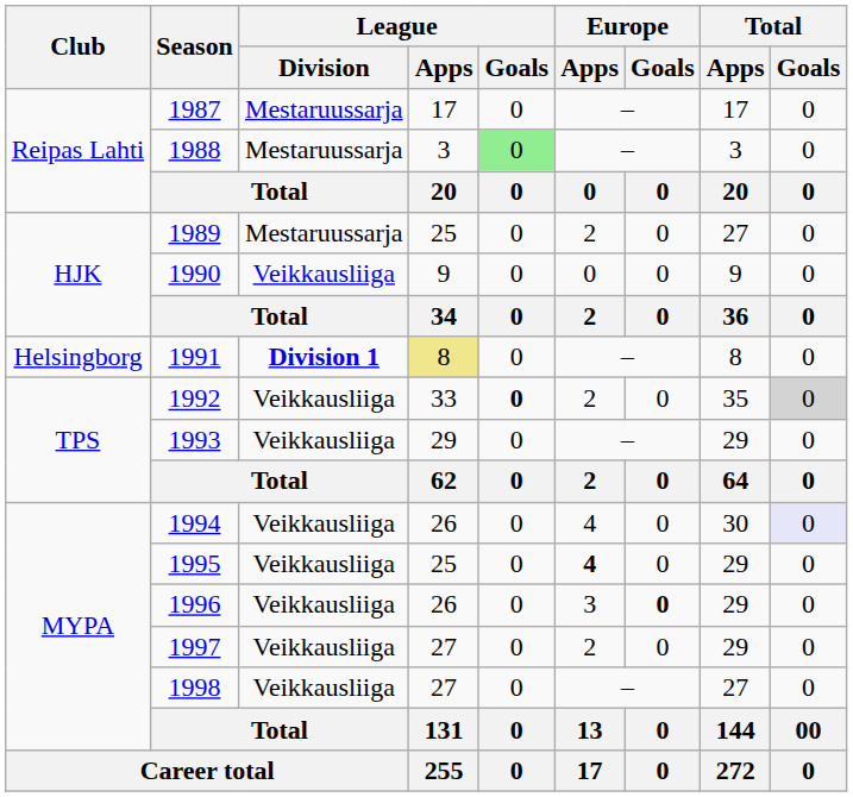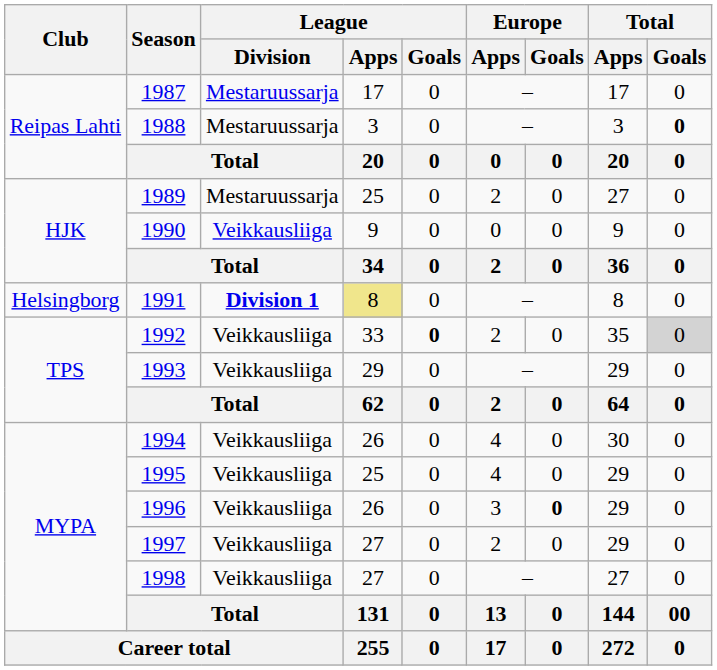 <table class="wikitable" style="text-align:center">
 <tr>
 <th rowspan="2">Club</th>
 <th rowspan="2">Season</th>
 <th colspan="3">League</th>
 <th colspan="2">Europe</th>
 <th colspan="2">Total</th>
 </tr>
 <tr>
 <th>Division</th>
 <th>Apps</th>
 <th>Goals</th>
 <th>Apps</th>
 <th>Goals</th>
 <th>Apps</th>
 <th>Goals</th>
 </tr>
 <tr>
 <td rowspan=3><a href='#'>Reipas Lahti</a></td>
 <td><a href='#'>1987</a></td>
 <td><a href='#'>Mestaruussarja</a></td>
 <td>17</td>
 <td>0</td>
 <td colspan=2>–</td>
 <td>17</td>
 <td>0</td>
 </tr>
 <tr>
 <td><a href='#'>1988</a></td>
 <td>Mestaruussarja</td>
 <td>3</td>
-<td style="background: lightgreen;">0</td>
+<td>0</td>
 <td colspan=2>–</td>
 <td>3</td>
-<td>0</td>
+<td><strong>0</strong></td>
 </tr>
 <tr>
 <th colspan=2>Total</th>
 <th>20</th>
 <th>0</th>
 <th>0</th>
 <th>0</th>
 <th>20</th>
 <th>0</th>
 </tr>
 <tr>
 <td rowspan=3><a href='#'>HJK</a></td>
 <td><a href='#'>1989</a></td>
 <td>Mestaruussarja</td>
 <td>25</td>
 <td>0</td>
 <td>2</td>
 <td>0</td>
 <td>27</td>
 <td>0</td>
 </tr>
 <tr>
 <td><a href='#'>1990</a></td>
 <td><a href='#'>Veikkausliiga</a></td>
 <td>9</td>
 <td>0</td>
 <td>0</td>
 <td>0</td>
 <td>9</td>
 <td>0</td>
 </tr>
 <tr>
 <th colspan=2>Total</th>
 <th>34</th>
 <th>0</th>
 <th>2</th>
 <th>0</th>
 <th>36</th>
 <th>0</th>
 </tr>
 <tr>
 <td><a href='#'>Helsingborg</a></td>
 <td><a href='#'>1991</a></td>
 <td><strong><a href='#'>Division 1</a></strong></td>
 <td style="background: khaki;">8</td>
 <td>0</td>
 <td colspan=2>–</td>
 <td>8</td>
 <td>0</td>
 </tr>
 <tr>
 <td rowspan=3><a href='#'>TPS</a></td>
 <td><a href='#'>1992</a></td>
 <td>Veikkausliiga</td>
 <td>33</td>
 <td><strong>0</strong></td>
 <td>2</td>
 <td>0</td>
 <td>35</td>
 <td style="background: lightgrey;">0</td>
 </tr>
 <tr>
 <td><a href='#'>1993</a></td>
 <td>Veikkausliiga</td>
 <td>29</td>
 <td>0</td>
 <td colspan=2>–</td>
 <td>29</td>
 <td>0</td>
 </tr>
 <tr>
 <th colspan=2>Total</th>
 <th>62</th>
 <th>0</th>
 <th>2</th>
 <th>0</th>
 <th>64</th>
 <th>0</th>
 </tr>
 <tr>
 <td rowspan=6><a href='#'>MYPA</a></td>
 <td><a href='#'>1994</a></td>
 <td>Veikkausliiga</td>
 <td>26</td>
 <td>0</td>
 <td>4</td>
 <td>0</td>
 <td>30</td>
-<td style="background: lavender;">0</td>
+<td>0</td>
 </tr>
 <tr>
 <td><a href='#'>1995</a></td>
 <td>Veikkausliiga</td>
 <td>25</td>
 <td>0</td>
-<td><strong>4</strong></td>
+<td>4</td>
 <td>0</td>
 <td>29</td>
 <td>0</td>
 </tr>
 <tr>
 <td><a href='#'>1996</a></td>
 <td>Veikkausliiga</td>
 <td>26</td>
 <td>0</td>
 <td>3</td>
 <td><strong>0</strong></td>
 <td>29</td>
 <td>0</td>
 </tr>
 <tr>
 <td><a href='#'>1997</a></td>
 <td>Veikkausliiga</td>
 <td>27</td>
 <td>0</td>
 <td>2</td>
 <td>0</td>
 <td>29</td>
 <td>0</td>
 </tr>
 <tr>
 <td><a href='#'>1998</a></td>
 <td>Veikkausliiga</td>
 <td>27</td>
 <td>0</td>
 <td colspan=2>–</td>
 <td>27</td>
 <td>0</td>
 </tr>
 <tr>
 <th colspan=2>Total</th>
 <th>131</th>
 <th>0</th>
 <th>13</th>
 <th>0</th>
 <th>144</th>
 <th>00</th>
 </tr>
 <tr>
 <th colspan="3">Career total</th>
 <th>255</th>
 <th>0</th>
 <th>17</th>
 <th>0</th>
 <th>272</th>
 <th>0</th>
 </tr>
 </table>
